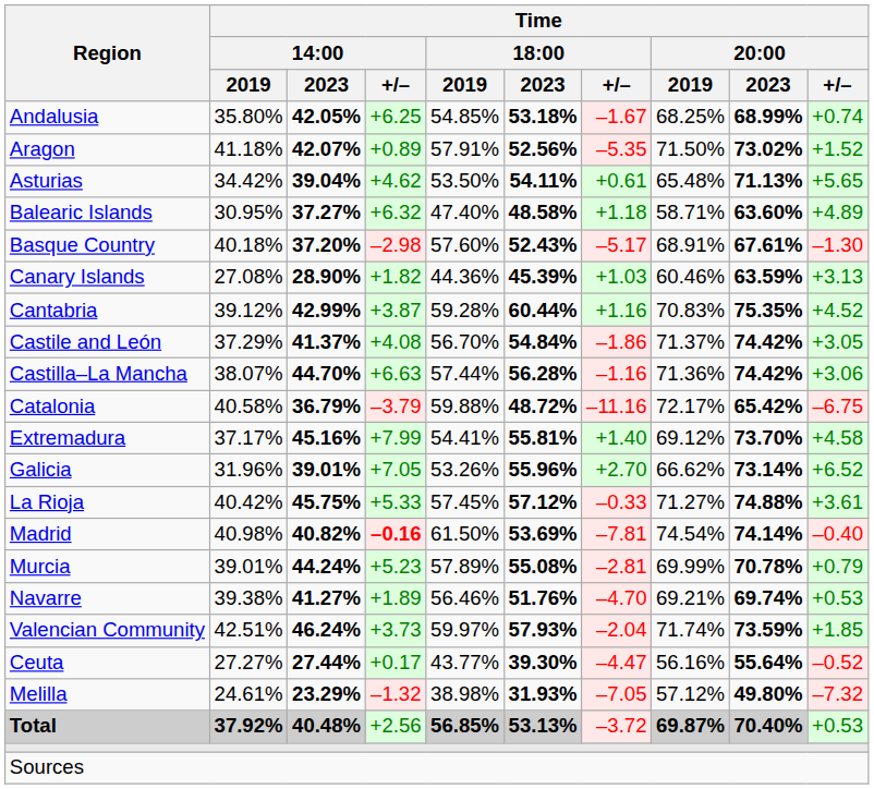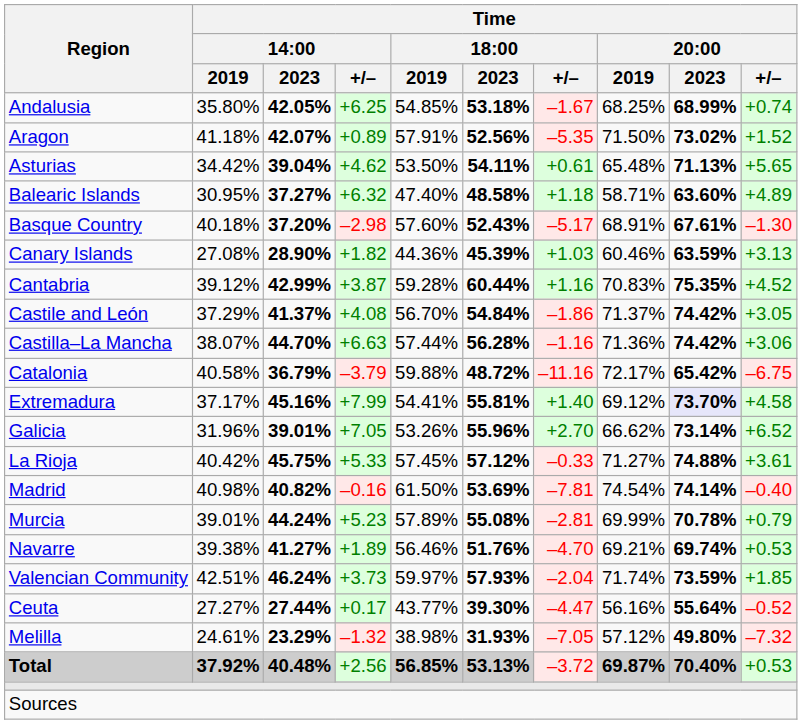 <table class="wikitable sortable" style="text-align:right;">
 <tr>
 <th rowspan="3">Region</th>
 <th colspan="9">Time</th>
 </tr>
 <tr>
 <th colspan="3">14:00</th>
 <th colspan="3">18:00</th>
 <th colspan="3">20:00</th>
 </tr>
 <tr>
 <th>2019</th>
 <th>2023</th>
 <th>+/–</th>
 <th>2019</th>
 <th>2023</th>
 <th>+/–</th>
 <th>2019</th>
 <th>2023</th>
 <th>+/–</th>
 </tr>
 <tr>
 <td align="left"><a href='#'>Andalusia</a></td>
 <td>35.80%</td>
 <td><strong>42.05%</strong></td>
 <td style="background:#DDFFDD; color:green;">+6.25</td>
 <td>54.85%</td>
 <td><strong>53.18%</strong></td>
 <td style="background:#FFE8E8; color:red;">–1.67</td>
 <td>68.25%</td>
 <td><strong>68.99%</strong></td>
 <td style="background:#DDFFDD; color:green;">+0.74</td>
 </tr>
 <tr>
 <td align="left"><a href='#'>Aragon</a></td>
 <td>41.18%</td>
 <td><strong>42.07%</strong></td>
 <td style="background:#DDFFDD; color:green;">+0.89</td>
 <td>57.91%</td>
 <td><strong>52.56%</strong></td>
 <td style="background:#FFE8E8; color:red;">–5.35</td>
 <td>71.50%</td>
 <td><strong>73.02%</strong></td>
 <td style="background:#DDFFDD; color:green;">+1.52</td>
 </tr>
 <tr>
 <td align="left"><a href='#'>Asturias</a></td>
 <td>34.42%</td>
 <td><strong>39.04%</strong></td>
 <td style="background:#DDFFDD; color:green;">+4.62</td>
 <td>53.50%</td>
 <td><strong>54.11%</strong></td>
 <td style="background:#DDFFDD; color:green;">+0.61</td>
 <td>65.48%</td>
 <td><strong>71.13%</strong></td>
 <td style="background:#DDFFDD; color:green;">+5.65</td>
 </tr>
 <tr>
 <td align="left"><a href='#'>Balearic Islands</a></td>
 <td>30.95%</td>
 <td><strong>37.27%</strong></td>
 <td style="background:#DDFFDD; color:green;">+6.32</td>
 <td>47.40%</td>
 <td><strong>48.58%</strong></td>
 <td style="background:#DDFFDD; color:green;">+1.18</td>
 <td>58.71%</td>
 <td><strong>63.60%</strong></td>
 <td style="background:#DDFFDD; color:green;">+4.89</td>
 </tr>
 <tr>
 <td align="left"><a href='#'>Basque Country</a></td>
 <td>40.18%</td>
 <td><strong>37.20%</strong></td>
 <td style="background:#FFE8E8; color:red;">–2.98</td>
 <td>57.60%</td>
 <td><strong>52.43%</strong></td>
 <td style="background:#FFE8E8; color:red;">–5.17</td>
 <td>68.91%</td>
 <td><strong>67.61%</strong></td>
 <td style="background:#FFE8E8; color:red;">–1.30</td>
 </tr>
 <tr>
 <td align="left"><a href='#'>Canary Islands</a></td>
 <td>27.08%</td>
 <td><strong>28.90%</strong></td>
 <td style="background:#DDFFDD; color:green;">+1.82</td>
 <td>44.36%</td>
 <td><strong>45.39%</strong></td>
 <td style="background:#DDFFDD; color:green;">+1.03</td>
 <td>60.46%</td>
 <td><strong>63.59%</strong></td>
 <td style="background:#DDFFDD; color:green;">+3.13</td>
 </tr>
 <tr>
 <td align="left"><a href='#'>Cantabria</a></td>
 <td>39.12%</td>
 <td><strong>42.99%</strong></td>
 <td style="background:#DDFFDD; color:green;">+3.87</td>
 <td>59.28%</td>
 <td><strong>60.44%</strong></td>
 <td style="background:#DDFFDD; color:green;">+1.16</td>
 <td>70.83%</td>
 <td><strong>75.35%</strong></td>
 <td style="background:#DDFFDD; color:green;">+4.52</td>
 </tr>
 <tr>
 <td align="left"><a href='#'>Castile and León</a></td>
 <td>37.29%</td>
 <td><strong>41.37%</strong></td>
 <td style="background:#DDFFDD; color:green;">+4.08</td>
 <td>56.70%</td>
 <td><strong>54.84%</strong></td>
 <td style="background:#FFE8E8; color:red;">–1.86</td>
 <td>71.37%</td>
 <td><strong>74.42%</strong></td>
 <td style="background:#DDFFDD; color:green;">+3.05</td>
 </tr>
 <tr>
 <td align="left"><a href='#'>Castilla–La Mancha</a></td>
 <td>38.07%</td>
 <td><strong>44.70%</strong></td>
 <td style="background:#DDFFDD; color:green;">+6.63</td>
 <td>57.44%</td>
 <td><strong>56.28%</strong></td>
 <td style="background:#FFE8E8; color:red;">–1.16</td>
 <td>71.36%</td>
 <td><strong>74.42%</strong></td>
 <td style="background:#DDFFDD; color:green;">+3.06</td>
 </tr>
 <tr>
 <td align="left"><a href='#'>Catalonia</a></td>
 <td>40.58%</td>
 <td><strong>36.79%</strong></td>
 <td style="background:#FFE8E8; color:red;">–3.79</td>
 <td>59.88%</td>
 <td><strong>48.72%</strong></td>
 <td style="background:#FFE8E8; color:red;">–11.16</td>
 <td>72.17%</td>
 <td><strong>65.42%</strong></td>
 <td style="background:#FFE8E8; color:red;">–6.75</td>
 </tr>
 <tr>
 <td align="left"><a href='#'>Extremadura</a></td>
 <td>37.17%</td>
 <td><strong>45.16%</strong></td>
 <td style="background:#DDFFDD; color:green;">+7.99</td>
 <td>54.41%</td>
 <td><strong>55.81%</strong></td>
 <td style="background:#DDFFDD; color:green;">+1.40</td>
 <td>69.12%</td>
-<td><strong>73.70%</strong></td>
+<td style="background: lavender;"><strong>73.70%</strong></td>
 <td style="background:#DDFFDD; color:green;">+4.58</td>
 </tr>
 <tr>
 <td align="left"><a href='#'>Galicia</a></td>
 <td>31.96%</td>
 <td><strong>39.01%</strong></td>
 <td style="background:#DDFFDD; color:green;">+7.05</td>
 <td>53.26%</td>
 <td><strong>55.96%</strong></td>
 <td style="background:#DDFFDD; color:green;">+2.70</td>
 <td>66.62%</td>
 <td><strong>73.14%</strong></td>
 <td style="background:#DDFFDD; color:green;">+6.52</td>
 </tr>
 <tr>
 <td align="left"><a href='#'>La Rioja</a></td>
 <td>40.42%</td>
 <td><strong>45.75%</strong></td>
 <td style="background:#DDFFDD; color:green;">+5.33</td>
 <td>57.45%</td>
 <td><strong>57.12%</strong></td>
 <td style="background:#FFE8E8; color:red;">–0.33</td>
 <td>71.27%</td>
 <td><strong>74.88%</strong></td>
 <td style="background:#DDFFDD; color:green;">+3.61</td>
 </tr>
 <tr>
 <td align="left"><a href='#'>Madrid</a></td>
 <td>40.98%</td>
 <td><strong>40.82%</strong></td>
-<td style="background:#FFE8E8; color:red;"><strong>–0.16</strong></td>
+<td style="background:#FFE8E8; color:red;">–0.16</td>
 <td>61.50%</td>
 <td><strong>53.69%</strong></td>
 <td style="background:#FFE8E8; color:red;">–7.81</td>
 <td>74.54%</td>
 <td><strong>74.14%</strong></td>
 <td style="background:#FFE8E8; color:red;">–0.40</td>
 </tr>
 <tr>
 <td align="left"><a href='#'>Murcia</a></td>
 <td>39.01%</td>
 <td><strong>44.24%</strong></td>
 <td style="background:#DDFFDD; color:green;">+5.23</td>
 <td>57.89%</td>
 <td><strong>55.08%</strong></td>
 <td style="background:#FFE8E8; color:red;">–2.81</td>
 <td>69.99%</td>
 <td><strong>70.78%</strong></td>
 <td style="background:#DDFFDD; color:green;">+0.79</td>
 </tr>
 <tr>
 <td align="left"><a href='#'>Navarre</a></td>
 <td>39.38%</td>
 <td><strong>41.27%</strong></td>
 <td style="background:#DDFFDD; color:green;">+1.89</td>
 <td>56.46%</td>
 <td><strong>51.76%</strong></td>
 <td style="background:#FFE8E8; color:red;">–4.70</td>
 <td>69.21%</td>
 <td><strong>69.74%</strong></td>
 <td style="background:#DDFFDD; color:green;">+0.53</td>
 </tr>
 <tr>
 <td align="left"><a href='#'>Valencian Community</a></td>
 <td>42.51%</td>
 <td><strong>46.24%</strong></td>
 <td style="background:#DDFFDD; color:green;">+3.73</td>
 <td>59.97%</td>
 <td><strong>57.93%</strong></td>
 <td style="background:#FFE8E8; color:red;">–2.04</td>
 <td>71.74%</td>
 <td><strong>73.59%</strong></td>
 <td style="background:#DDFFDD; color:green;">+1.85</td>
 </tr>
 <tr>
 <td align="left"><a href='#'>Ceuta</a></td>
 <td>27.27%</td>
 <td><strong>27.44%</strong></td>
 <td style="background:#DDFFDD; color:green;">+0.17</td>
 <td>43.77%</td>
 <td><strong>39.30%</strong></td>
 <td style="background:#FFE8E8; color:red;">–4.47</td>
 <td>56.16%</td>
 <td><strong>55.64%</strong></td>
 <td style="background:#FFE8E8; color:red;">–0.52</td>
 </tr>
 <tr>
 <td align="left"><a href='#'>Melilla</a></td>
 <td>24.61%</td>
 <td><strong>23.29%</strong></td>
 <td style="background:#FFE8E8; color:red;">–1.32</td>
 <td>38.98%</td>
 <td><strong>31.93%</strong></td>
 <td style="background:#FFE8E8; color:red;">–7.05</td>
 <td>57.12%</td>
 <td><strong>49.80%</strong></td>
 <td style="background:#FFE8E8; color:red;">–7.32</td>
 </tr>
 <tr style="background:#CDCDCD;">
 <td align="left"><strong>Total</strong></td>
 <td><strong>37.92%</strong></td>
 <td><strong>40.48%</strong></td>
 <td style="background:#DDFFDD; color:green;">+2.56</td>
 <td><strong>56.85%</strong></td>
 <td><strong>53.13%</strong></td>
 <td style="background:#FFE8E8; color:red;">–3.72</td>
 <td><strong>69.87%</strong></td>
 <td><strong>70.40%</strong></td>
 <td style="background:#DDFFDD; color:green;">+0.53</td>
 </tr>
 <tr>
 <td colspan="10" bgcolor="#E9E9E9"></td>
 </tr>
 <tr>
 <td align="left" colspan="10">Sources</td>
 </tr>
 </table>
